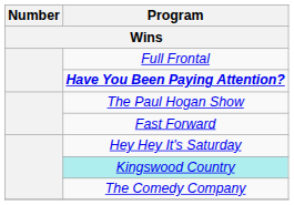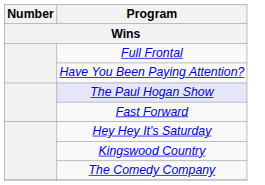 <table class="wikitable" style="text-align:center;">
 <tr>
 <th scope="col" style="width:55px;">Number</th>
 <th scope="col" style="text-align:center;">Program</th>
 </tr>
 <tr>
 <th colspan="2">Wins</th>
 </tr>
 <tr>
 <th rowspan="2" scope="row"></th>
 <td><em><a href='#'>Full Frontal</a></em></td>
 </tr>
 <tr>
-<td><strong><em><a href='#'>Have You Been Paying Attention?</a></em></strong></td>
+<td><em><a href='#'>Have You Been Paying Attention?</a></em></td>
 </tr>
 <tr>
 <th rowspan="2" scope="row"></th>
-<td><em><a href='#'>The Paul Hogan Show</a></em></td>
+<td style="background: lavender;"><em><a href='#'>The Paul Hogan Show</a></em></td>
 </tr>
 <tr>
 <td><em><a href='#'>Fast Forward</a></em></td>
 </tr>
 <tr>
 <th scope="row" rowspan="3"></th>
 <td><em><a href='#'>Hey Hey It's Saturday</a></em></td>
 </tr>
 <tr>
-<td style="background: paleturquoise;"><em><a href='#'>Kingswood Country</a></em></td>
+<td><em><a href='#'>Kingswood Country</a></em></td>
 </tr>
 <tr>
 <td><em><a href='#'>The Comedy Company</a></em></td>
 </tr>
 <tr>
 </tr>
 </table>
